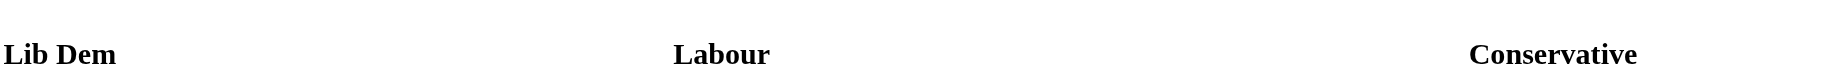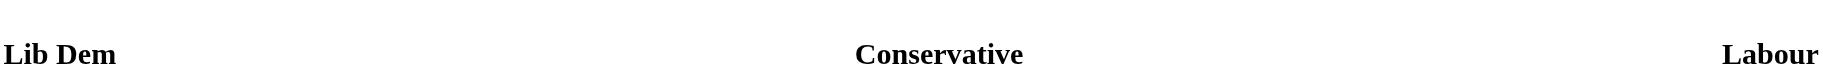 <table style="width:100%; text-align:center;">
 <tr style="color:white;">
 <td style="background-color:"><strong>17</strong></td>
+<td style="background-color:"><strong>10</strong></td>
 <td style="background-color:"><strong>14</strong></td>
-<td style="background-color:"><strong>10</strong></td>
 </tr>
 <tr>
 <td><span><strong>Lib Dem</strong></span></td>
+<td><span><strong>Conservative</strong></span></td>
 <td><span><strong>Labour</strong></span></td>
-<td><span><strong>Conservative</strong></span></td>
 </tr>
 </table>
